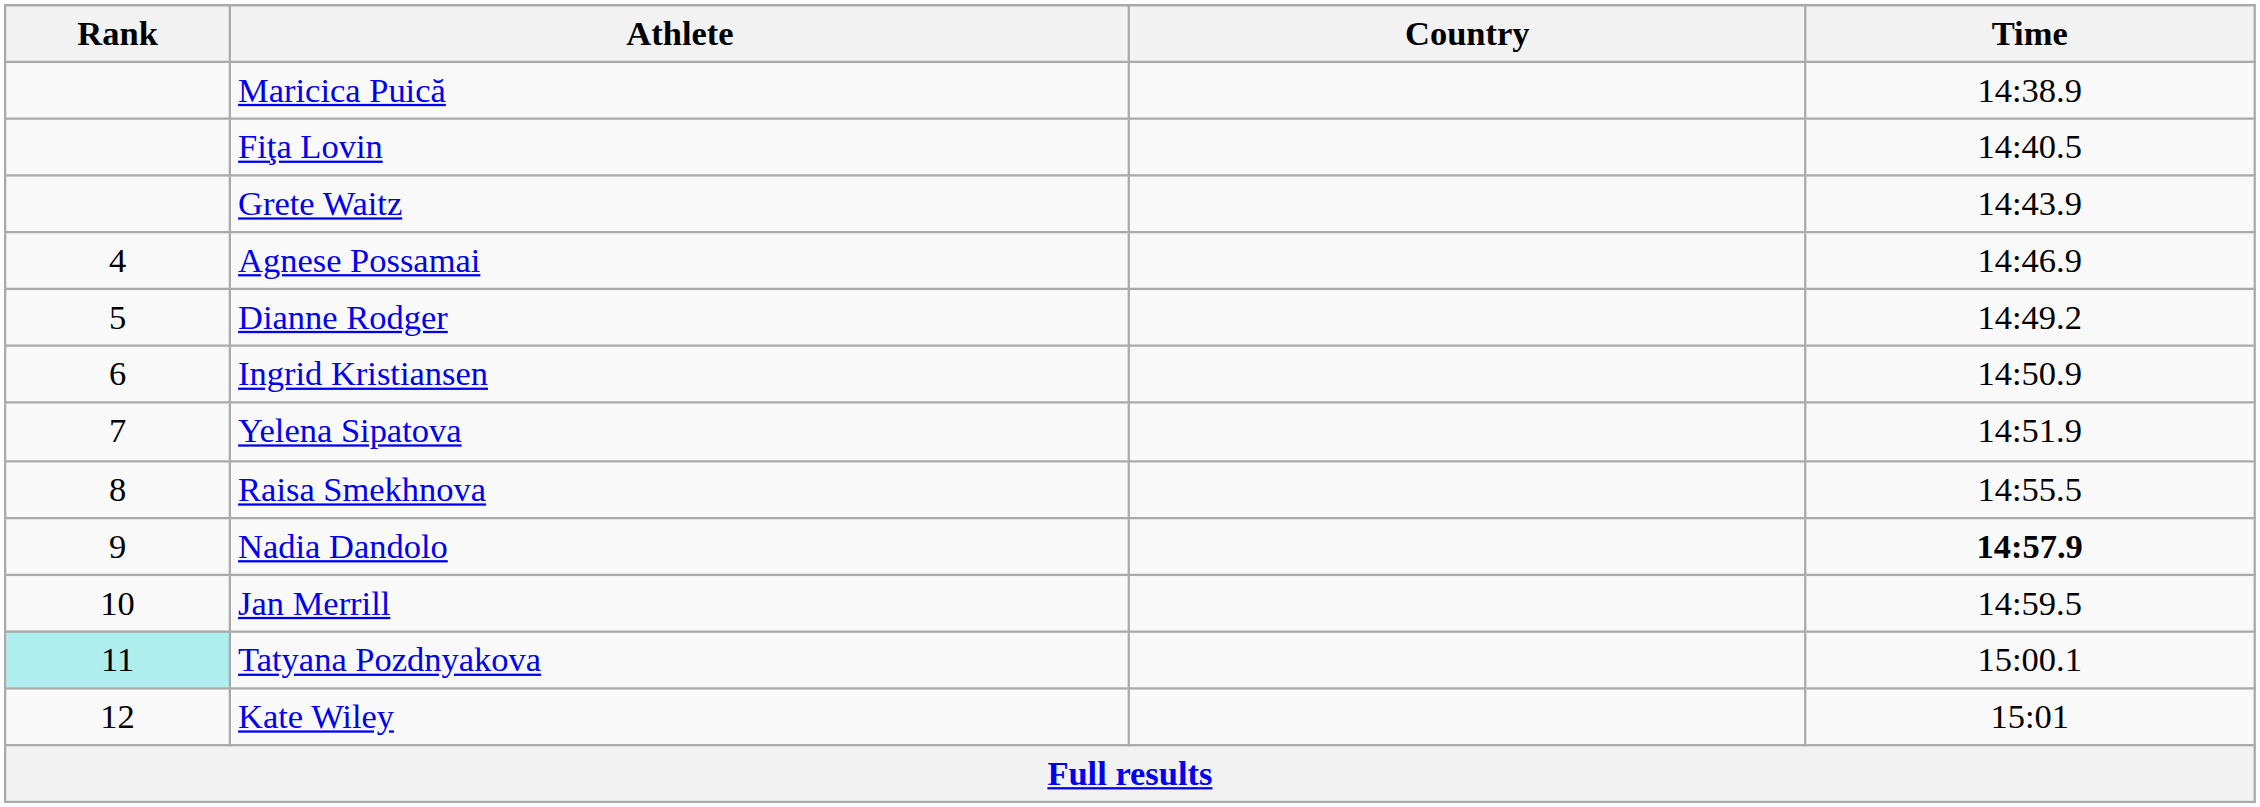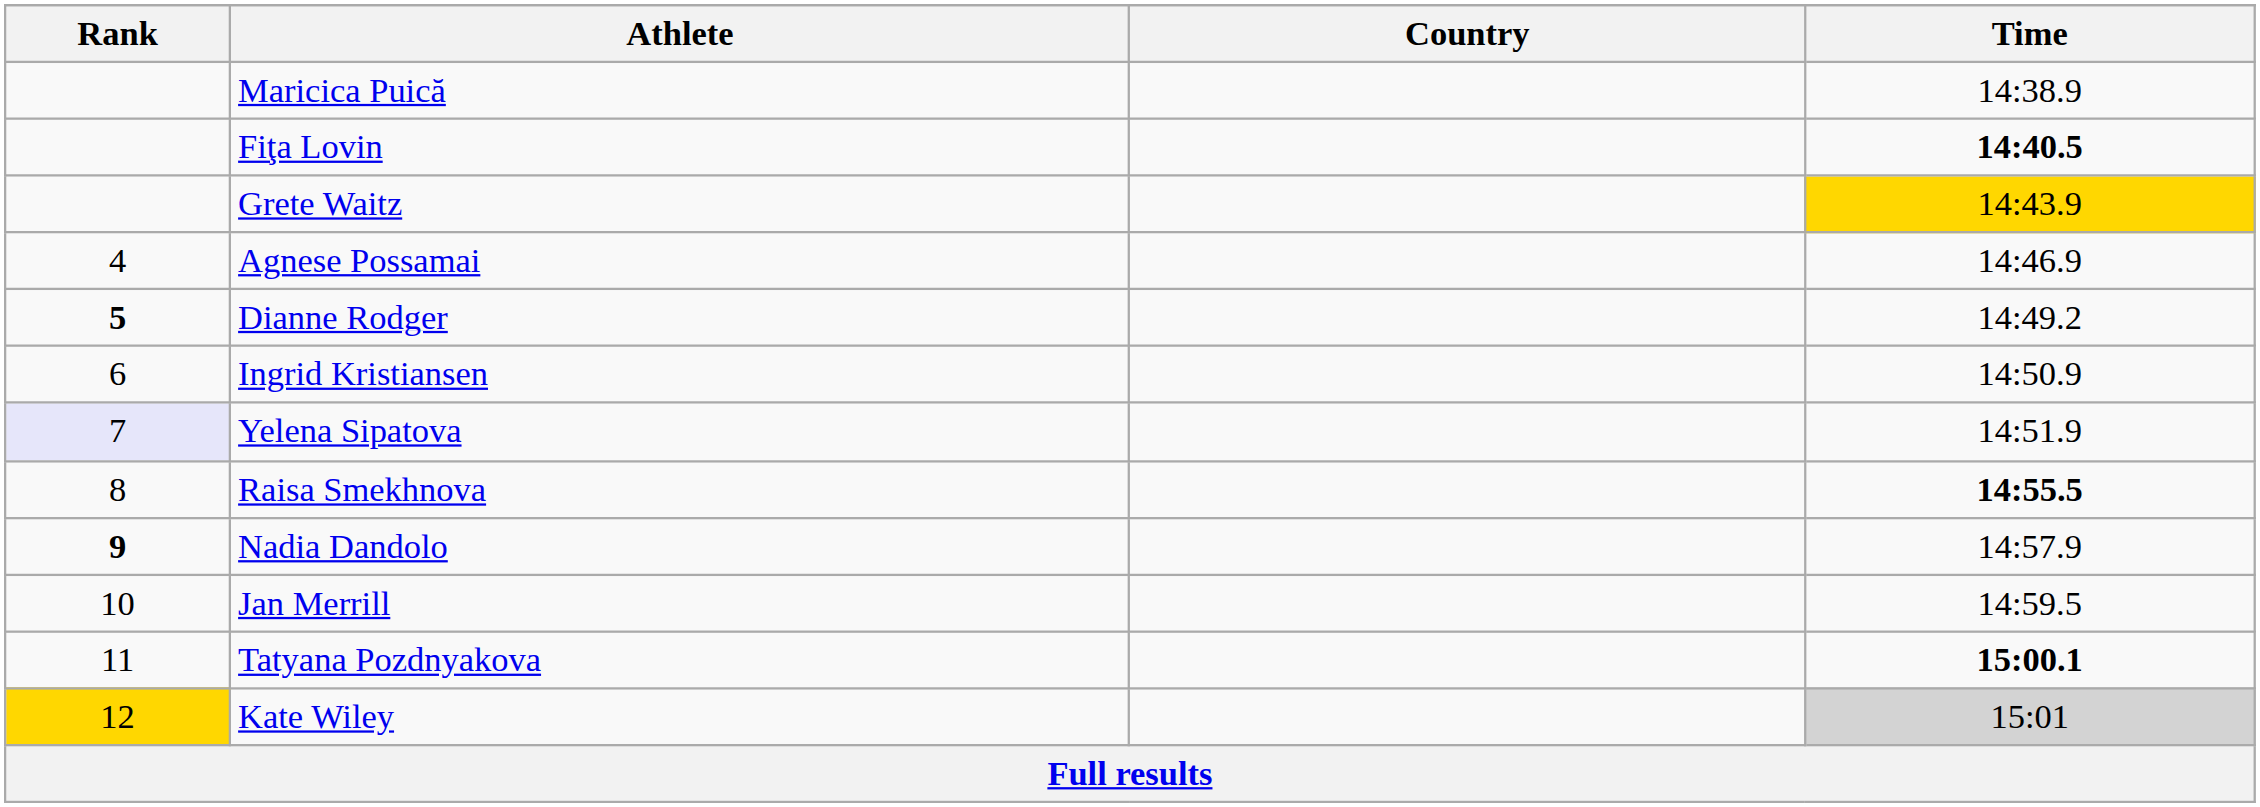 <table class="wikitable sortable" style=" text-align:center; font-size:95%;" width="50%">
 <tr>
 </tr>
 <tr>
 <th width=5%>Rank</th>
 <th width=20%>Athlete</th>
 <th width=15%>Country</th>
 <th width=10%>Time</th>
 </tr>
 <tr>
 <td align=center></td>
 <td align=left><a href='#'>Maricica Puică</a></td>
 <td align=left></td>
 <td>14:38.9</td>
 </tr>
 <tr>
 <td align=center></td>
 <td align=left><a href='#'>Fiţa Lovin</a></td>
 <td align=left></td>
-<td>14:40.5</td>
+<td><strong>14:40.5</strong></td>
 </tr>
 <tr>
 <td align=center></td>
 <td align=left><a href='#'>Grete Waitz</a></td>
 <td align=left></td>
-<td>14:43.9</td>
+<td style="background: gold;">14:43.9</td>
 </tr>
 <tr>
 <td align=center>4</td>
 <td align=left><a href='#'>Agnese Possamai</a></td>
 <td align=left></td>
 <td>14:46.9</td>
 </tr>
 <tr>
-<td align=center>5</td>
+<td align=center><strong>5</strong></td>
 <td align=left><a href='#'>Dianne Rodger</a></td>
 <td align=left></td>
 <td>14:49.2</td>
 </tr>
 <tr>
 <td align=center>6</td>
 <td align=left><a href='#'>Ingrid Kristiansen</a></td>
 <td align=left></td>
 <td>14:50.9</td>
 </tr>
 <tr>
-<td align=center>7</td>
+<td align=center style="background: lavender;">7</td>
 <td align=left><a href='#'>Yelena Sipatova</a></td>
 <td align=left></td>
 <td>14:51.9</td>
 </tr>
 <tr>
 <td align=center>8</td>
 <td align=left><a href='#'>Raisa Smekhnova</a></td>
 <td align=left></td>
-<td>14:55.5</td>
+<td><strong>14:55.5</strong></td>
 </tr>
 <tr>
-<td align=center>9</td>
+<td align=center><strong>9</strong></td>
 <td align=left><a href='#'>Nadia Dandolo</a></td>
 <td align=left></td>
-<td><strong>14:57.9</strong></td>
+<td>14:57.9</td>
 </tr>
 <tr>
 <td align=center>10</td>
 <td align=left><a href='#'>Jan Merrill</a></td>
 <td align=left></td>
 <td>14:59.5</td>
 </tr>
 <tr>
-<td align=center style="background: paleturquoise;">11</td>
+<td align=center>11</td>
 <td align=left><a href='#'>Tatyana Pozdnyakova</a></td>
 <td align=left></td>
-<td>15:00.1</td>
+<td><strong>15:00.1</strong></td>
 </tr>
 <tr>
-<td align=center>12</td>
+<td align=center style="background: gold;">12</td>
 <td align=left><a href='#'>Kate Wiley</a></td>
 <td align=left></td>
-<td>15:01</td>
+<td style="background: lightgrey;">15:01</td>
 </tr>
 <tr class="sortbottom">
 <th colspan=4 align=center><a href='#'>Full results</a></th>
 </tr>
 </table>
